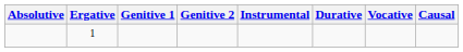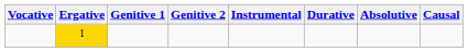 <table class="wikitable" style="text-align: center;">
 <tr>
-<th><a href='#'>Absolutive</a></th>
+<th><a href='#'>Vocative</a></th>
 <th><a href='#'>Ergative</a></th>
 <th><a href='#'>Genitive 1</a></th>
 <th><a href='#'>Genitive 2</a></th>
 <th><a href='#'>Instrumental</a></th>
 <th><a href='#'>Durative</a></th>
-<th><a href='#'>Vocative</a></th>
+<th><a href='#'>Absolutive</a></th>
 <th><a href='#'>Causal</a></th>
 </tr>
 <tr>
 <td></td>
-<td><sup>1</sup></td>
+<td style="background: gold;"><sup>1</sup></td>
 <td></td>
 <td></td>
 <td></td>
 <td></td>
 <td></td>
 <td></td>
 </tr>
 </table>
